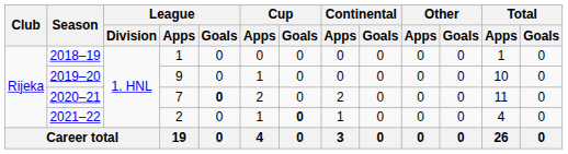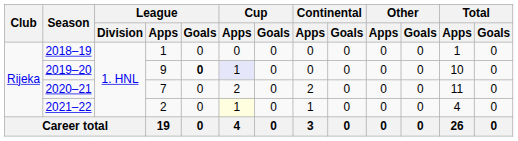 <table class="wikitable" style="text-align: center">
 <tr>
 <th rowspan="2">Club</th>
 <th rowspan="2">Season</th>
 <th colspan="3">League</th>
 <th colspan="2">Cup</th>
 <th colspan="2">Continental</th>
 <th colspan="2">Other</th>
 <th colspan="2">Total</th>
 </tr>
 <tr>
 <th>Division</th>
 <th>Apps</th>
 <th>Goals</th>
 <th>Apps</th>
 <th>Goals</th>
 <th>Apps</th>
 <th>Goals</th>
 <th>Apps</th>
 <th>Goals</th>
 <th>Apps</th>
 <th>Goals</th>
 </tr>
 <tr>
 <td rowspan="4"><a href='#'>Rijeka</a></td>
 <td><a href='#'>2018–19</a></td>
 <td rowspan="4"><a href='#'>1. HNL</a></td>
 <td>1</td>
 <td>0</td>
 <td>0</td>
 <td>0</td>
 <td>0</td>
 <td>0</td>
 <td>0</td>
 <td>0</td>
 <td>1</td>
 <td>0</td>
 </tr>
 <tr>
 <td><a href='#'>2019–20</a></td>
 <td>9</td>
-<td>0</td>
-<td>1</td>
+<td><strong>0</strong></td>
+<td style="background: lavender;">1</td>
 <td>0</td>
 <td>0</td>
 <td>0</td>
 <td>0</td>
 <td>0</td>
 <td>10</td>
 <td>0</td>
 </tr>
 <tr>
 <td><a href='#'>2020–21</a></td>
 <td>7</td>
-<td><strong>0</strong></td>
+<td>0</td>
 <td>2</td>
 <td>0</td>
 <td>2</td>
 <td>0</td>
 <td>0</td>
 <td>0</td>
 <td>11</td>
 <td>0</td>
 </tr>
 <tr>
 <td><a href='#'>2021–22</a></td>
 <td>2</td>
 <td>0</td>
-<td>1</td>
-<td><strong>0</strong></td>
+<td style="background: lightyellow;">1</td>
+<td>0</td>
 <td>1</td>
 <td>0</td>
 <td>0</td>
 <td>0</td>
 <td>4</td>
 <td>0</td>
 </tr>
 <tr>
 <th colspan=3>Career total</th>
 <th>19</th>
 <th>0</th>
 <th>4</th>
 <th>0</th>
 <th>3</th>
 <th>0</th>
 <th>0</th>
 <th>0</th>
 <th>26</th>
 <th>0</th>
 </tr>
 </table>
